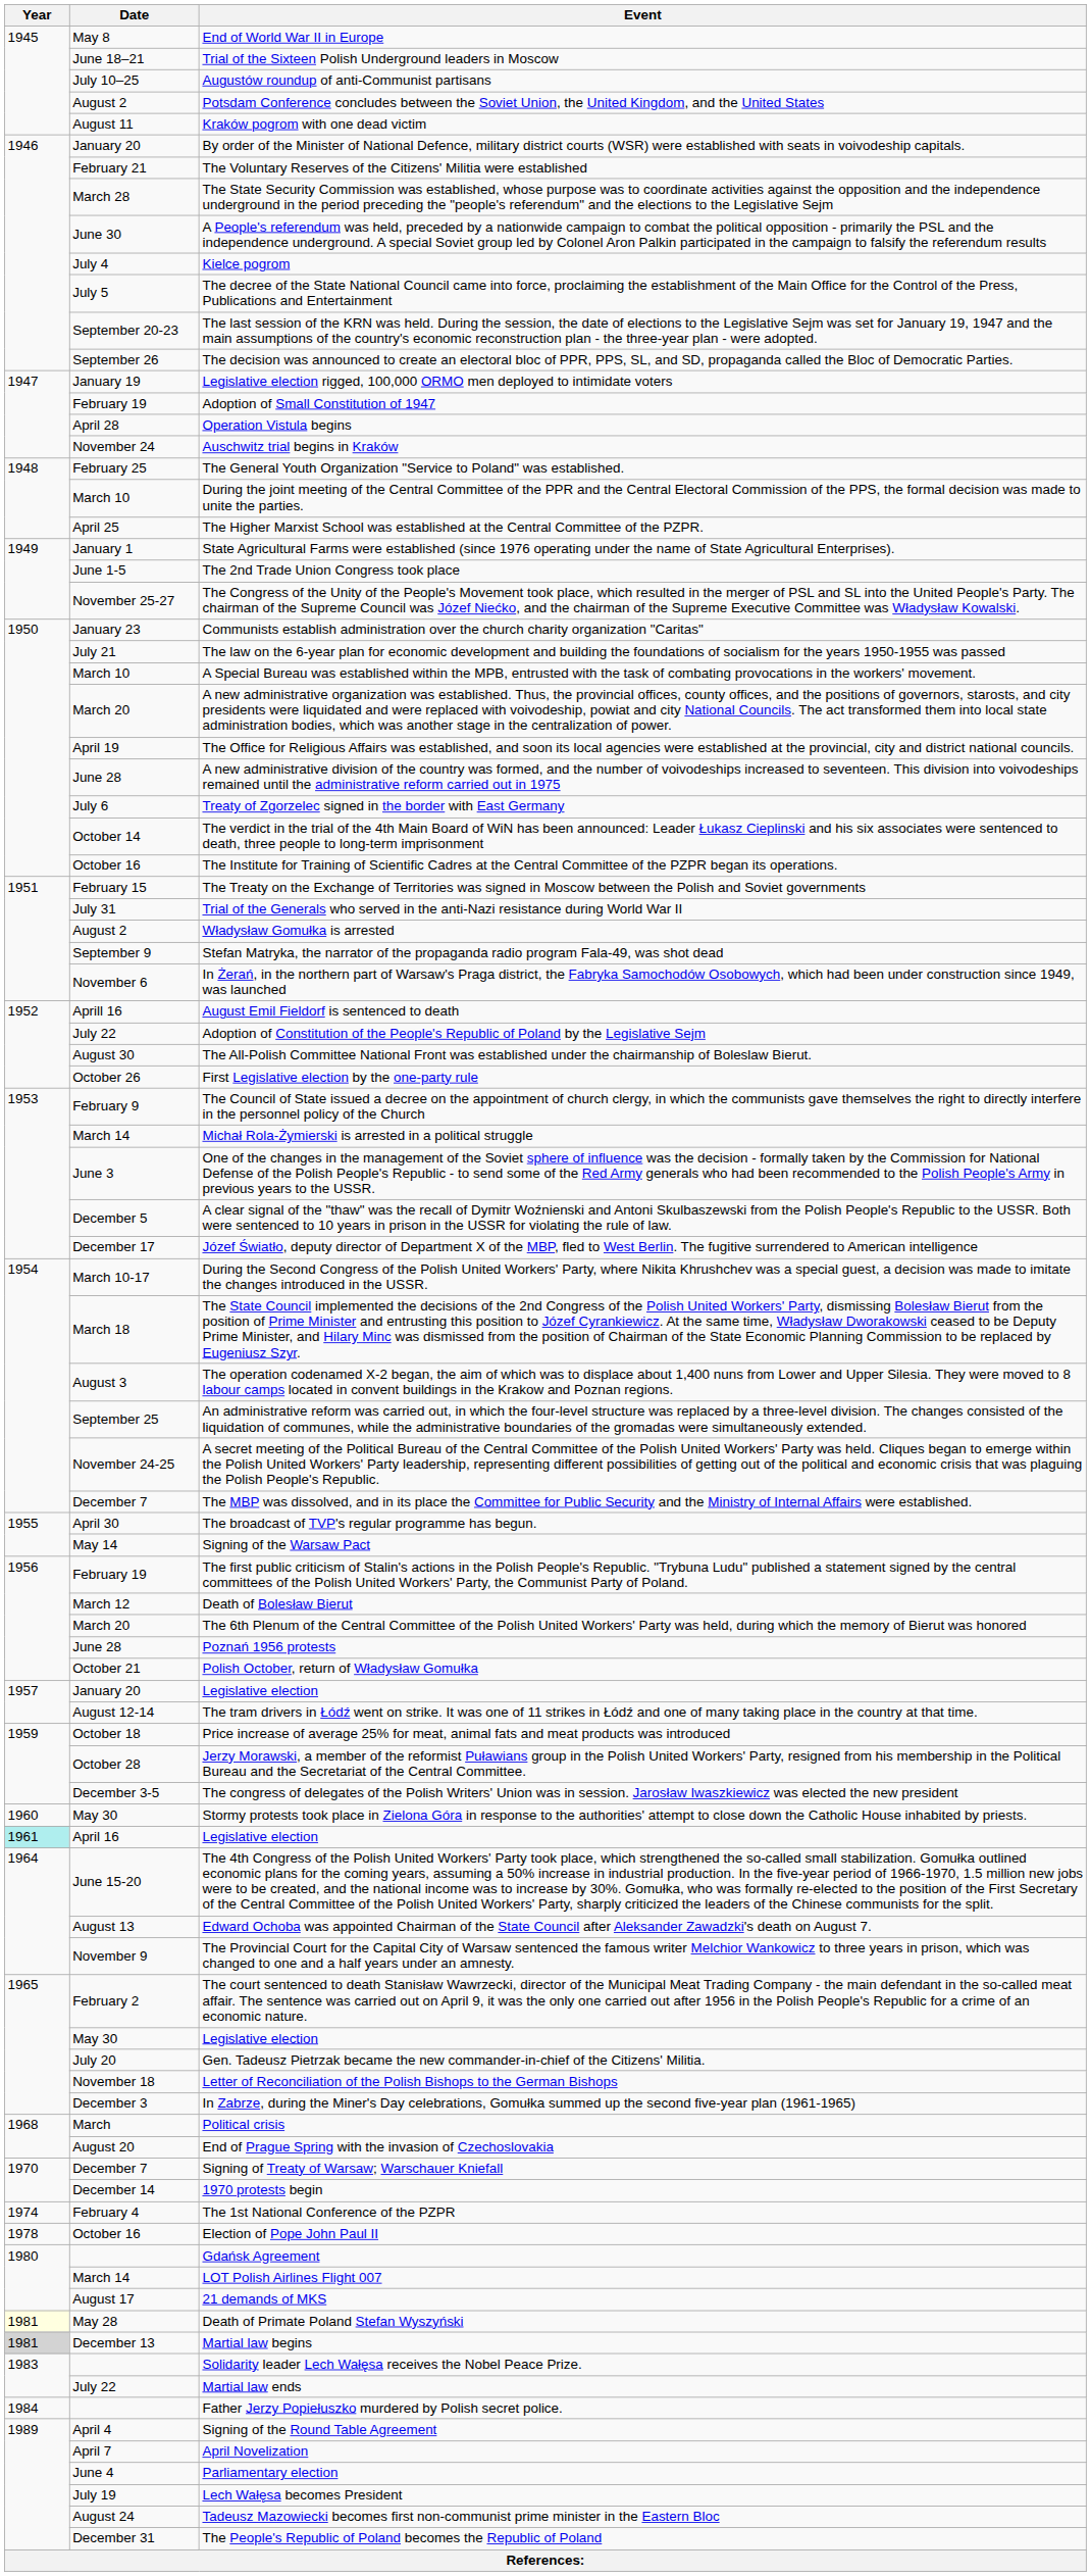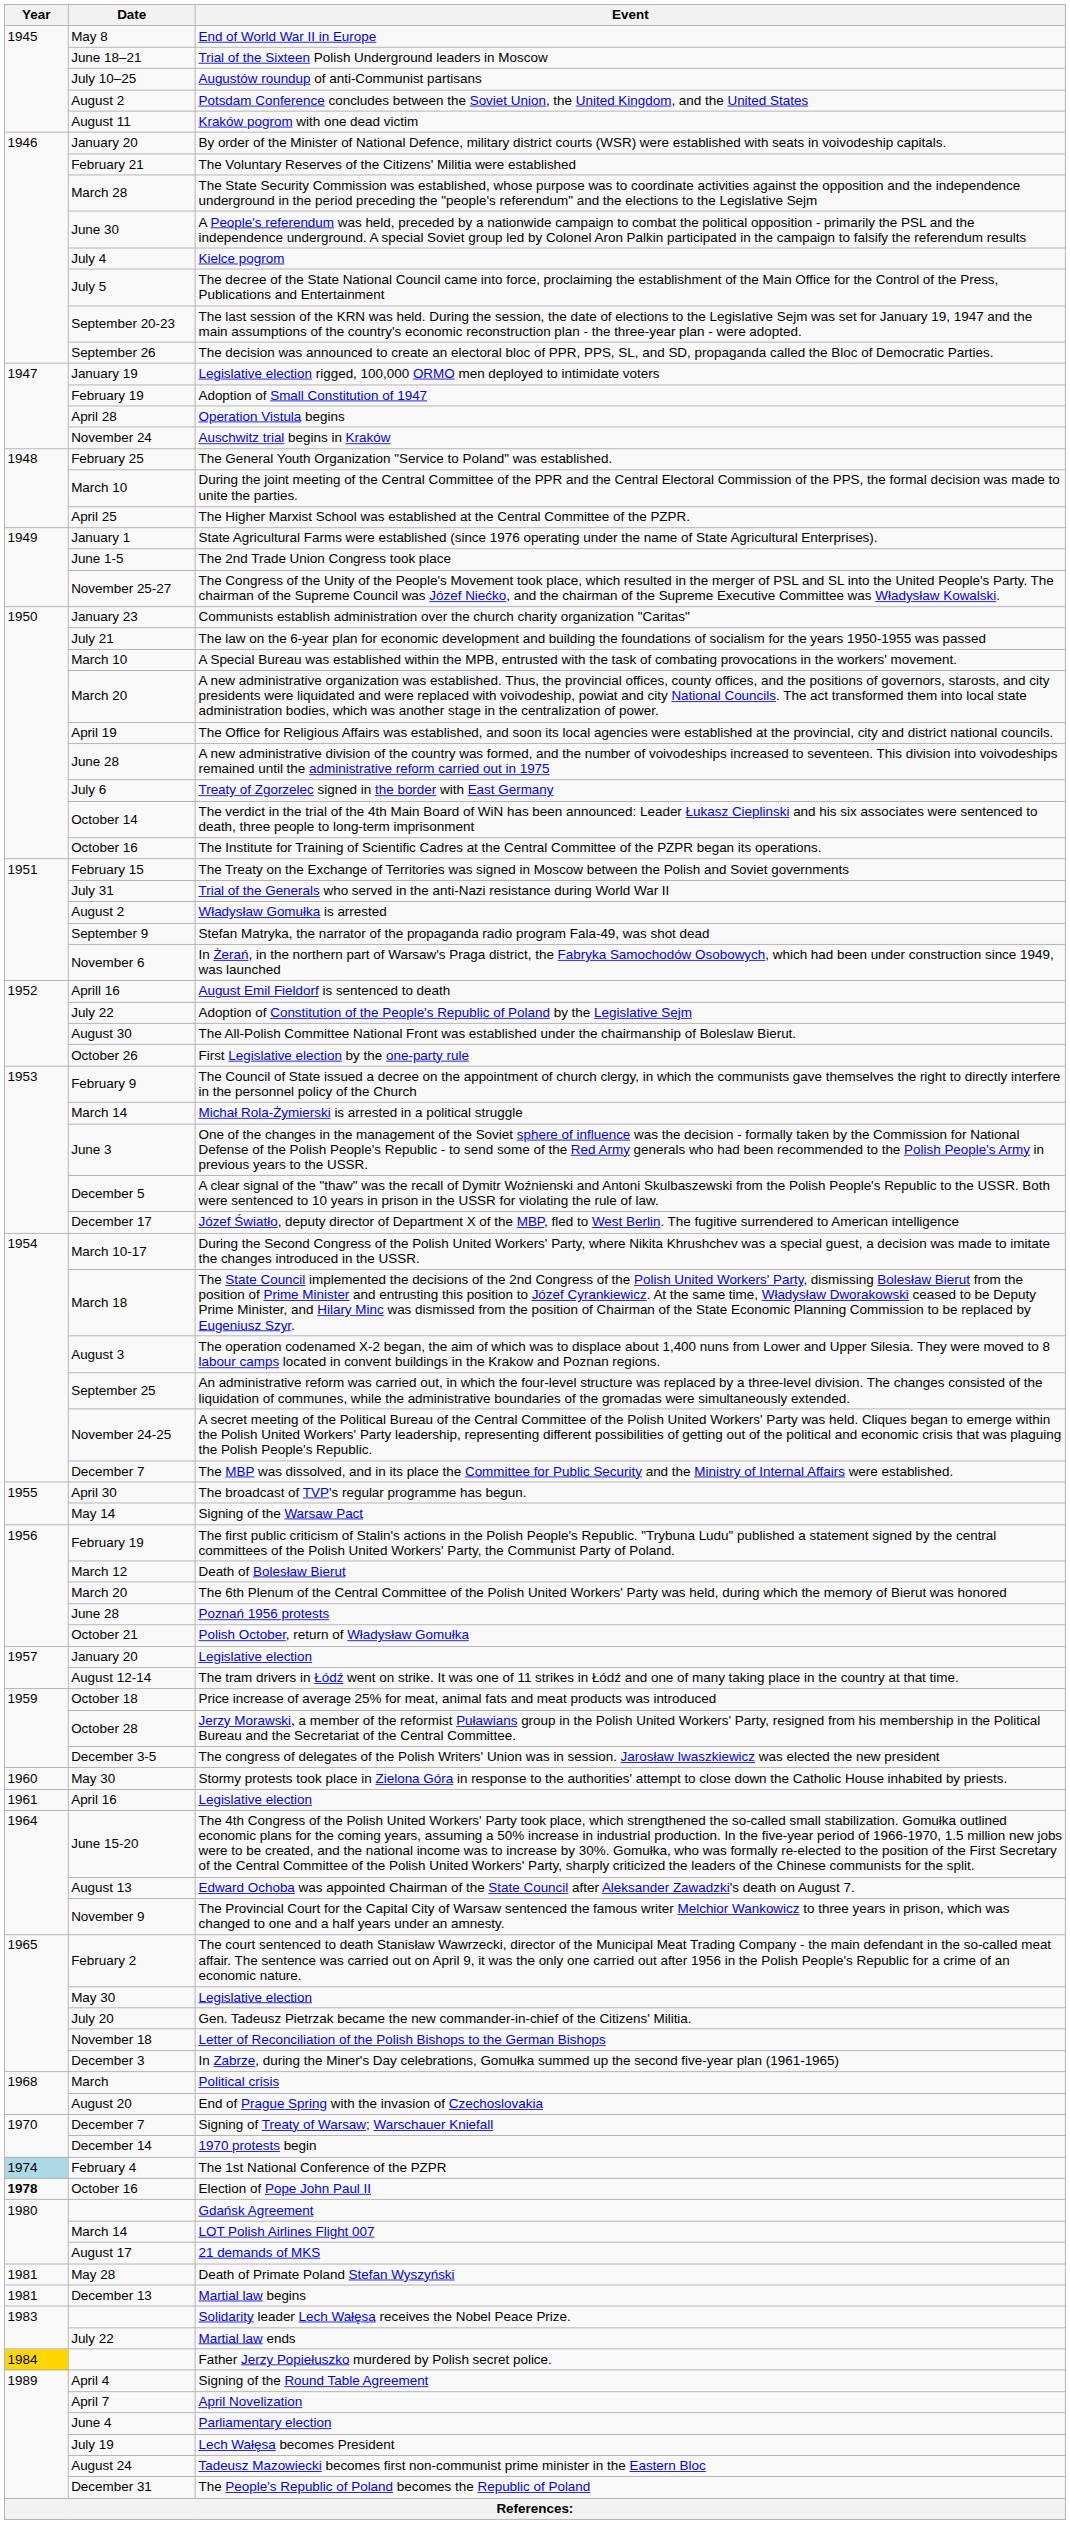 <table class="wikitable" width="100%">
 <tr>
 <th style="width:6%">Year</th>
 <th style="width:12%">Date</th>
 <th>Event</th>
 </tr>
 <tr>
 <td rowspan="5" valign="top">1945</td>
 <td>May 8</td>
 <td><a href='#'>End of World War II in Europe</a></td>
 </tr>
 <tr>
 <td>June 18–21</td>
 <td><a href='#'>Trial of the Sixteen</a> Polish Underground leaders in Moscow</td>
 </tr>
 <tr>
 <td>July 10–25</td>
 <td><a href='#'>Augustów roundup</a> of anti-Communist partisans</td>
 </tr>
 <tr>
 <td>August 2</td>
 <td><a href='#'>Potsdam Conference</a> concludes between the <a href='#'>Soviet Union</a>, the <a href='#'>United Kingdom</a>, and the <a href='#'>United States</a></td>
 </tr>
 <tr>
 <td>August 11</td>
 <td><a href='#'>Kraków pogrom</a> with one dead victim</td>
 </tr>
 <tr>
 <td rowspan="8" valign="top">1946</td>
 <td>January 20</td>
 <td>By order of the Minister of National Defence, military district courts (WSR) were established with seats in voivodeship capitals.</td>
 </tr>
 <tr>
 <td>February 21</td>
 <td>The Voluntary Reserves of the Citizens' Militia were established</td>
 </tr>
 <tr>
 <td>March 28</td>
 <td>The State Security Commission was established, whose purpose was to coordinate activities against the opposition and the independence underground in the period preceding the "people's referendum" and the elections to the Legislative Sejm</td>
 </tr>
 <tr>
 <td>June 30</td>
 <td>A <a href='#'>People's referendum</a> was held, preceded by a nationwide campaign to combat the political opposition - primarily the PSL and the independence underground. A special Soviet group led by Colonel Aron Palkin participated in the campaign to falsify the referendum results</td>
 </tr>
 <tr>
 <td>July 4</td>
 <td><a href='#'>Kielce pogrom</a></td>
 </tr>
 <tr>
 <td>July 5</td>
 <td>The decree of the State National Council came into force, proclaiming the establishment of the Main Office for the Control of the Press, Publications and Entertainment</td>
 </tr>
 <tr>
 <td>September 20-23</td>
 <td>The last session of the KRN was held. During the session, the date of elections to the Legislative Sejm was set for January 19, 1947 and the main assumptions of the country's economic reconstruction plan - the three-year plan - were adopted.</td>
 </tr>
 <tr>
 <td>September 26</td>
 <td>The decision was announced to create an electoral bloc of PPR, PPS, SL, and SD, propaganda called the Bloc of Democratic Parties.</td>
 </tr>
 <tr>
 <td rowspan="4" valign="top">1947</td>
 <td>January 19</td>
 <td><a href='#'>Legislative election</a> rigged, 100,000 <a href='#'>ORMO</a> men deployed to intimidate voters</td>
 </tr>
 <tr>
 <td>February 19</td>
 <td>Adoption of <a href='#'>Small Constitution of 1947</a></td>
 </tr>
 <tr>
 <td>April 28</td>
 <td><a href='#'>Operation Vistula</a> begins</td>
 </tr>
 <tr>
 <td>November 24</td>
 <td><a href='#'>Auschwitz trial</a> begins in <a href='#'>Kraków</a></td>
 </tr>
 <tr>
 <td rowspan="3" valign="top">1948</td>
 <td>February 25</td>
 <td>The General Youth Organization "Service to Poland" was established.</td>
 </tr>
 <tr>
 <td>March 10</td>
 <td>During the joint meeting of the Central Committee of the PPR and the Central Electoral Commission of the PPS, the formal decision was made to unite the parties.</td>
 </tr>
 <tr>
 <td>April 25</td>
 <td>The Higher Marxist School was established at the Central Committee of the PZPR.</td>
 </tr>
 <tr>
 <td rowspan="3" valign="top">1949</td>
 <td>January 1</td>
 <td>State Agricultural Farms were established (since 1976 operating under the name of State Agricultural Enterprises).</td>
 </tr>
 <tr>
 <td>June 1-5</td>
 <td>The 2nd Trade Union Congress took place</td>
 </tr>
 <tr>
 <td>November 25-27</td>
 <td>The Congress of the Unity of the People's Movement took place, which resulted in the merger of PSL and SL into the United People's Party. The chairman of the Supreme Council was <a href='#'>Józef Niećko</a>, and the chairman of the Supreme Executive Committee was <a href='#'>Władysław Kowalski</a>.</td>
 </tr>
 <tr>
 <td rowspan="9" valign="top">1950</td>
 <td>January 23</td>
 <td>Communists establish administration over the church charity organization "Caritas"</td>
 </tr>
 <tr>
 <td>July 21</td>
 <td>The law on the 6-year plan for economic development and building the foundations of socialism for the years 1950-1955 was passed</td>
 </tr>
 <tr>
 <td>March 10</td>
 <td>A Special Bureau was established within the MPB, entrusted with the task of combating provocations in the workers' movement.</td>
 </tr>
 <tr>
 <td>March 20</td>
 <td>A new administrative organization was established. Thus, the provincial offices, county offices, and the positions of governors, starosts, and city presidents were liquidated and were replaced with voivodeship, powiat and city <a href='#'>National Councils</a>. The act transformed them into local state administration bodies, which was another stage in the centralization of power.</td>
 </tr>
 <tr>
 <td>April 19</td>
 <td>The Office for Religious Affairs was established, and soon its local agencies were established at the provincial, city and district national councils.</td>
 </tr>
 <tr>
 <td>June 28</td>
 <td>A new administrative division of the country was formed, and the number of voivodeships increased to seventeen. This division into voivodeships remained until the <a href='#'>administrative reform carried out in 1975</a></td>
 </tr>
 <tr>
 <td>July 6</td>
 <td><a href='#'>Treaty of Zgorzelec</a> signed in <a href='#'>the border</a> with <a href='#'>East Germany</a></td>
 </tr>
 <tr>
 <td>October 14</td>
 <td>The verdict in the trial of the 4th Main Board of WiN has been announced: Leader <a href='#'>Łukasz Cieplinski</a> and his six associates were sentenced to death, three people to long-term imprisonment</td>
 </tr>
 <tr>
 <td>October 16</td>
 <td>The Institute for Training of Scientific Cadres at the Central Committee of the PZPR began its operations.</td>
 </tr>
 <tr>
 <td rowspan="5" valign="top">1951</td>
 <td>February 15</td>
 <td>The Treaty on the Exchange of Territories was signed in Moscow between the Polish and Soviet governments</td>
 </tr>
 <tr>
 <td>July 31</td>
 <td><a href='#'>Trial of the Generals</a> who served in the anti-Nazi resistance during World War II</td>
 </tr>
 <tr>
 <td>August 2</td>
 <td><a href='#'>Władysław Gomułka</a> is arrested</td>
 </tr>
 <tr>
 <td>September 9</td>
 <td>Stefan Matryka, the narrator of the propaganda radio program Fala-49, was shot dead</td>
 </tr>
 <tr>
 <td>November 6</td>
 <td>In <a href='#'>Żerań</a>, in the northern part of Warsaw's Praga district, the <a href='#'>Fabryka Samochodów Osobowych</a>, which had been under construction since 1949, was launched</td>
 </tr>
 <tr>
 <td rowspan="4" valign="top">1952</td>
 <td>Aprill 16</td>
 <td><a href='#'>August Emil Fieldorf</a> is sentenced to death</td>
 </tr>
 <tr>
 <td>July 22</td>
 <td>Adoption of <a href='#'>Constitution of the People's Republic of Poland</a> by the <a href='#'>Legislative Sejm</a></td>
 </tr>
 <tr>
 <td>August 30</td>
 <td>The All-Polish Committee National Front was established under the chairmanship of Boleslaw Bierut.</td>
 </tr>
 <tr>
 <td>October 26</td>
 <td>First <a href='#'>Legislative election</a> by the <a href='#'>one-party rule</a></td>
 </tr>
 <tr>
 <td rowspan="5" valign="top">1953</td>
 <td>February 9</td>
 <td>The Council of State issued a decree on the appointment of church clergy, in which the communists gave themselves the right to directly interfere in the personnel policy of the Church</td>
 </tr>
 <tr>
 <td>March 14</td>
 <td><a href='#'>Michał Rola-Żymierski</a> is arrested in a political struggle</td>
 </tr>
 <tr>
 <td>June 3</td>
 <td>One of the changes in the management of the Soviet <a href='#'>sphere of influence</a> was the decision - formally taken by the Commission for National Defense of the Polish People's Republic - to send some of the <a href='#'>Red Army</a> generals who had been recommended to the <a href='#'>Polish People's Army</a> in previous years to the USSR.</td>
 </tr>
 <tr>
 <td>December 5</td>
 <td>A clear signal of the "thaw" was the recall of Dymitr Woźnienski and Antoni Skulbaszewski from the Polish People's Republic to the USSR. Both were sentenced to 10 years in prison in the USSR for violating the rule of law.</td>
 </tr>
 <tr>
 <td>December 17</td>
 <td><a href='#'>Józef Światło</a>, deputy director of Department X of the <a href='#'>MBP</a>, fled to <a href='#'>West Berlin</a>. The fugitive surrendered to American intelligence</td>
 </tr>
 <tr>
 <td rowspan="6" valign="top">1954</td>
 <td>March 10-17</td>
 <td>During the Second Congress of the Polish United Workers' Party, where Nikita Khrushchev was a special guest, a decision was made to imitate the changes introduced in the USSR.</td>
 </tr>
 <tr>
 <td>March 18</td>
 <td>The <a href='#'>State Council</a> implemented the decisions of the 2nd Congress of the <a href='#'>Polish United Workers' Party</a>, dismissing <a href='#'>Bolesław Bierut</a> from the position of <a href='#'>Prime Minister</a> and entrusting this position to <a href='#'>Józef Cyrankiewicz</a>. At the same time, <a href='#'>Władysław Dworakowski</a> ceased to be Deputy Prime Minister, and <a href='#'>Hilary Minc</a> was dismissed from the position of Chairman of the State Economic Planning Commission to be replaced by <a href='#'>Eugeniusz Szyr</a>.</td>
 </tr>
 <tr>
 <td>August 3</td>
 <td>The operation codenamed X-2 began, the aim of which was to displace about 1,400 nuns from Lower and Upper Silesia. They were moved to 8 <a href='#'>labour camps</a> located in convent buildings in the Krakow and Poznan regions.</td>
 </tr>
 <tr>
 <td>September 25</td>
 <td>An administrative reform was carried out, in which the four-level structure was replaced by a three-level division. The changes consisted of the liquidation of communes, while the administrative boundaries of the gromadas were simultaneously extended.</td>
 </tr>
 <tr>
 <td>November 24-25</td>
 <td>A secret meeting of the Political Bureau of the Central Committee of the Polish United Workers' Party was held. Cliques began to emerge within the Polish United Workers' Party leadership, representing different possibilities of getting out of the political and economic crisis that was plaguing the Polish People's Republic.</td>
 </tr>
 <tr>
 <td>December 7</td>
 <td>The <a href='#'>MBP</a> was dissolved, and in its place the <a href='#'>Committee for Public Security</a> and the <a href='#'>Ministry of Internal Affairs</a> were established.</td>
 </tr>
 <tr>
 <td rowspan="2" valign="top">1955</td>
 <td>April 30</td>
 <td>The broadcast of <a href='#'>TVP</a>'s regular programme has begun.</td>
 </tr>
 <tr>
 <td>May 14</td>
 <td>Signing of the <a href='#'>Warsaw Pact</a></td>
 </tr>
 <tr>
 <td rowspan="5" valign="top">1956</td>
 <td>February 19</td>
 <td>The first public criticism of Stalin's actions in the Polish People's Republic. "Trybuna Ludu" published a statement signed by the central committees of the Polish United Workers' Party, the Communist Party of Poland.</td>
 </tr>
 <tr>
 <td>March 12</td>
 <td>Death of <a href='#'>Bolesław Bierut</a></td>
 </tr>
 <tr>
 <td>March 20</td>
 <td>The 6th Plenum of the Central Committee of the Polish United Workers' Party was held, during which the memory of Bierut was honored</td>
 </tr>
 <tr>
 <td>June 28</td>
 <td><a href='#'>Poznań 1956 protests</a></td>
 </tr>
 <tr>
 <td>October 21</td>
 <td><a href='#'>Polish October</a>, return of <a href='#'>Władysław Gomułka</a></td>
 </tr>
 <tr>
 <td rowspan="2" valign="top">1957</td>
 <td>January 20</td>
 <td><a href='#'>Legislative election</a></td>
 </tr>
 <tr>
 <td>August 12-14</td>
 <td>The tram drivers in <a href='#'>Łódź</a> went on strike. It was one of 11 strikes in Łódź and one of many taking place in the country at that time.</td>
 </tr>
 <tr>
 <td rowspan="3" valign="top">1959</td>
 <td>October 18</td>
 <td>Price increase of average 25% for meat, animal fats and meat products was introduced</td>
 </tr>
 <tr>
 <td>October 28</td>
 <td><a href='#'>Jerzy Morawski</a>, a member of the reformist <a href='#'>Puławians</a> group in the Polish United Workers' Party, resigned from his membership in the Political Bureau and the Secretariat of the Central Committee.</td>
 </tr>
 <tr>
 <td>December 3-5</td>
 <td>The congress of delegates of the Polish Writers' Union was in session. <a href='#'>Jarosław Iwaszkiewicz</a> was elected the new president</td>
 </tr>
 <tr>
 <td rowspan="1" valign="top">1960</td>
 <td>May 30</td>
 <td>Stormy protests took place in <a href='#'>Zielona Góra</a> in response to the authorities' attempt to close down the Catholic House inhabited by priests.</td>
 </tr>
 <tr>
-<td rowspan="1" valign="top" style="background: paleturquoise;">1961</td>
+<td rowspan="1" valign="top">1961</td>
 <td>April 16</td>
 <td><a href='#'>Legislative election</a></td>
 </tr>
 <tr>
 <td rowspan="3" valign="top">1964</td>
 <td>June 15-20</td>
 <td>The 4th Congress of the Polish United Workers' Party took place, which strengthened the so-called small stabilization. Gomułka outlined economic plans for the coming years, assuming a 50% increase in industrial production. In the five-year period of 1966-1970, 1.5 million new jobs were to be created, and the national income was to increase by 30%. Gomułka, who was formally re-elected to the position of the First Secretary of the Central Committee of the Polish United Workers' Party, sharply criticized the leaders of the Chinese communists for the split.</td>
 </tr>
 <tr>
 <td>August 13</td>
 <td><a href='#'>Edward Ochoba</a> was appointed Chairman of the <a href='#'>State Council</a> after <a href='#'>Aleksander Zawadzki</a>'s death on August 7.</td>
 </tr>
 <tr>
 <td>November 9</td>
 <td>The Provincial Court for the Capital City of Warsaw sentenced the famous writer <a href='#'>Melchior Wankowicz</a> to three years in prison, which was changed to one and a half years under an amnesty.</td>
 </tr>
 <tr>
 <td rowspan="5" valign="top">1965</td>
 <td>February 2</td>
 <td>The court sentenced to death Stanisław Wawrzecki, director of the Municipal Meat Trading Company - the main defendant in the so-called meat affair. The sentence was carried out on April 9, it was the only one carried out after 1956 in the Polish People's Republic for a crime of an economic nature.</td>
 </tr>
 <tr>
 <td>May 30</td>
 <td><a href='#'>Legislative election</a></td>
 </tr>
 <tr>
 <td>July 20</td>
 <td>Gen. Tadeusz Pietrzak became the new commander-in-chief of the Citizens' Militia.</td>
 </tr>
 <tr>
 <td>November 18</td>
 <td><a href='#'>Letter of Reconciliation of the Polish Bishops to the German Bishops</a></td>
 </tr>
 <tr>
 <td>December 3</td>
 <td>In <a href='#'>Zabrze</a>, during the Miner's Day celebrations, Gomułka summed up the second five-year plan (1961-1965)</td>
 </tr>
 <tr>
 <td rowspan="2" valign="top">1968</td>
 <td>March</td>
 <td><a href='#'>Political crisis</a></td>
 </tr>
 <tr>
 <td>August 20</td>
 <td>End of <a href='#'>Prague Spring</a> with the invasion of <a href='#'>Czechoslovakia</a></td>
 </tr>
 <tr>
 <td rowspan="2" valign="top">1970</td>
 <td>December 7</td>
 <td>Signing of <a href='#'>Treaty of Warsaw</a>; <a href='#'>Warschauer Kniefall</a></td>
 </tr>
 <tr>
 <td>December 14</td>
 <td><a href='#'>1970 protests</a> begin</td>
 </tr>
 <tr>
-<td>1974</td>
+<td style="background: lightblue;">1974</td>
 <td>February 4</td>
 <td>The 1st National Conference of the PZPR</td>
 </tr>
 <tr>
-<td>1978</td>
+<td><strong>1978</strong></td>
 <td>October 16</td>
 <td>Election of <a href='#'>Pope John Paul II</a></td>
 </tr>
 <tr>
 <td rowspan="3" valign="top">1980</td>
 <td></td>
 <td><a href='#'>Gdańsk Agreement</a></td>
 </tr>
 <tr>
 <td>March 14</td>
 <td><a href='#'>LOT Polish Airlines Flight 007</a></td>
 </tr>
 <tr>
 <td>August 17</td>
 <td><a href='#'>21 demands of MKS</a></td>
 </tr>
 <tr>
-<td style="background: lightyellow;">1981</td>
+<td>1981</td>
 <td>May 28</td>
 <td>Death of Primate Poland <a href='#'>Stefan Wyszyński</a></td>
 </tr>
 <tr>
-<td style="background: lightgrey;">1981</td>
+<td>1981</td>
 <td>December 13</td>
 <td><a href='#'>Martial law</a> begins</td>
 </tr>
 <tr>
 <td rowspan="2" valign="top">1983</td>
 <td></td>
 <td><a href='#'>Solidarity</a> leader <a href='#'>Lech Wałęsa</a> receives the Nobel Peace Prize.</td>
 </tr>
 <tr>
 <td>July 22</td>
 <td><a href='#'>Martial law</a> ends</td>
 </tr>
 <tr>
-<td>1984</td>
+<td style="background: gold;">1984</td>
 <td></td>
 <td>Father <a href='#'>Jerzy Popiełuszko</a> murdered by Polish secret police.</td>
 </tr>
 <tr>
 <td rowspan="6" valign="top">1989</td>
 <td>April 4</td>
 <td>Signing of the <a href='#'>Round Table Agreement</a></td>
 </tr>
 <tr>
 <td>April 7</td>
 <td><a href='#'>April Novelization</a></td>
 </tr>
 <tr>
 <td>June 4</td>
 <td><a href='#'>Parliamentary election</a></td>
 </tr>
 <tr>
 <td>July 19</td>
 <td><a href='#'>Lech Wałęsa</a> becomes President</td>
 </tr>
 <tr>
 <td>August 24</td>
 <td><a href='#'>Tadeusz Mazowiecki</a> becomes first non-communist prime minister in the <a href='#'>Eastern Bloc</a></td>
 </tr>
 <tr>
 <td>December 31</td>
 <td>The <a href='#'>People's Republic of Poland</a> becomes the <a href='#'>Republic of Poland</a></td>
 </tr>
 <tr class=sortbottom>
 <th colspan = "11" align = left><strong>References:</strong><br></th>
 </tr>
 </table>
